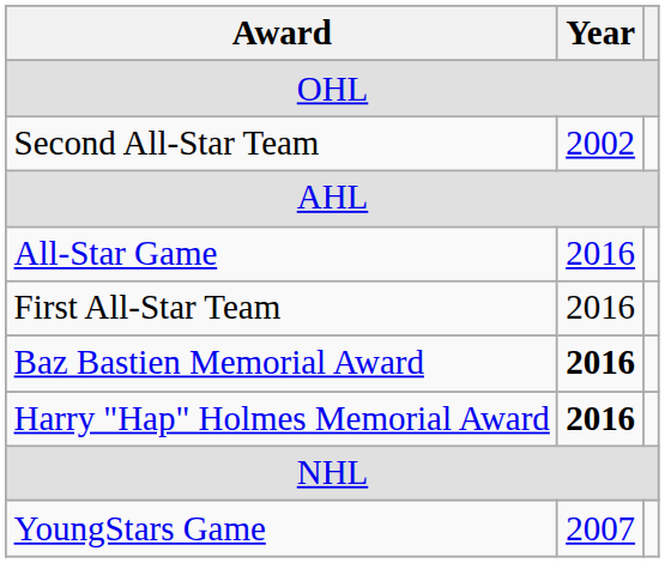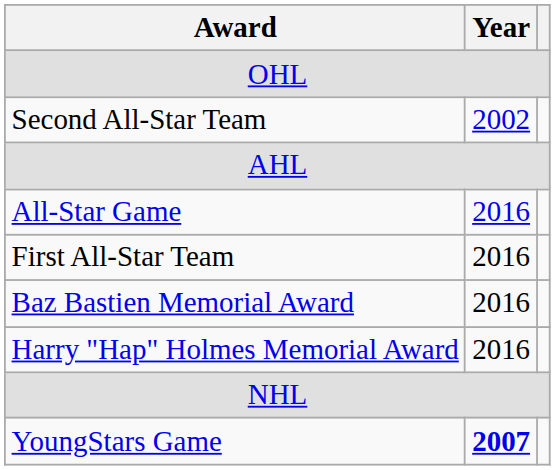 <table class=wikitable>
 <tr>
 <th>Award</th>
 <th>Year</th>
 <th></th>
 </tr>
 <tr ALIGN="center" bgcolor="#e0e0e0">
 <td colspan=3><a href='#'>OHL</a></td>
 </tr>
 <tr>
 <td>Second All-Star Team</td>
 <td><a href='#'>2002</a></td>
 <td></td>
 </tr>
 <tr ALIGN=center bgcolor="#e0e0e0">
 <td colspan=3><a href='#'>AHL</a></td>
 </tr>
 <tr>
 <td><a href='#'>All-Star Game</a></td>
 <td><a href='#'>2016</a></td>
 <td></td>
 </tr>
 <tr>
 <td>First All-Star Team</td>
 <td>2016</td>
 <td></td>
 </tr>
 <tr>
 <td><a href='#'>Baz Bastien Memorial Award</a></td>
-<td><strong>2016</strong></td>
+<td>2016</td>
 <td></td>
 </tr>
 <tr>
 <td><a href='#'>Harry "Hap" Holmes Memorial Award</a></td>
-<td><strong>2016</strong></td>
+<td>2016</td>
 <td></td>
 </tr>
 <tr ALIGN=center bgcolor="#e0e0e0">
 <td colspan=3><a href='#'>NHL</a></td>
 </tr>
 <tr>
 <td><a href='#'>YoungStars Game</a></td>
-<td><a href='#'>2007</a></td>
+<td><strong><a href='#'>2007</a></strong></td>
 <td></td>
 </tr>
 </table>
